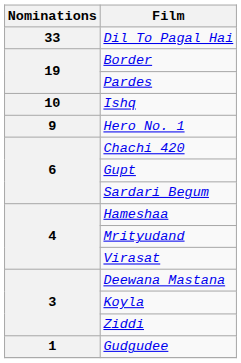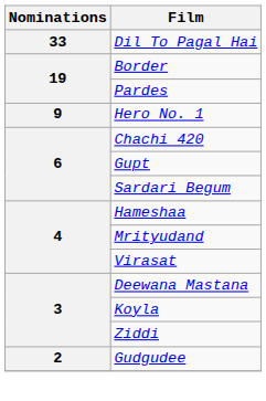 <table class="wikitable" style="display:inline-table;">
 <tr>
 <th>Nominations</th>
 <th>Film</th>
 </tr>
 <tr>
 <th>33</th>
 <td><em><a href='#'>Dil To Pagal Hai</a></em></td>
 </tr>
 <tr>
 <th rowspan="2">19</th>
 <td><em><a href='#'>Border</a></em></td>
 </tr>
 <tr>
 <td><em><a href='#'>Pardes</a></em></td>
-</tr>
-<tr>
-<th>10</th>
-<td><em><a href='#'>Ishq</a></em></td>
 </tr>
 <tr>
 <th>9</th>
 <td><em><a href='#'>Hero No. 1</a></em></td>
 </tr>
 <tr>
 <th rowspan="3">6</th>
 <td><em><a href='#'>Chachi 420</a></em></td>
 </tr>
 <tr>
 <td><em><a href='#'>Gupt</a></em></td>
 </tr>
 <tr>
 <td><em><a href='#'>Sardari Begum</a></em></td>
 </tr>
 <tr>
 <th rowspan="3">4</th>
 <td><em><a href='#'>Hameshaa</a></em></td>
 </tr>
 <tr>
 <td><em><a href='#'>Mrityudand</a></em></td>
 </tr>
 <tr>
 <td><em><a href='#'>Virasat</a></em></td>
 </tr>
 <tr>
 <th rowspan="3">3</th>
 <td><em><a href='#'>Deewana Mastana</a></em></td>
 </tr>
 <tr>
 <td><em><a href='#'>Koyla</a></em></td>
 </tr>
 <tr>
 <td><em><a href='#'>Ziddi</a></em></td>
 </tr>
 <tr>
-<th>1</th>
+<th>2</th>
 <td><em><a href='#'>Gudgudee</a></em></td>
 </tr>
 <tr>
 </tr>
 </table>
